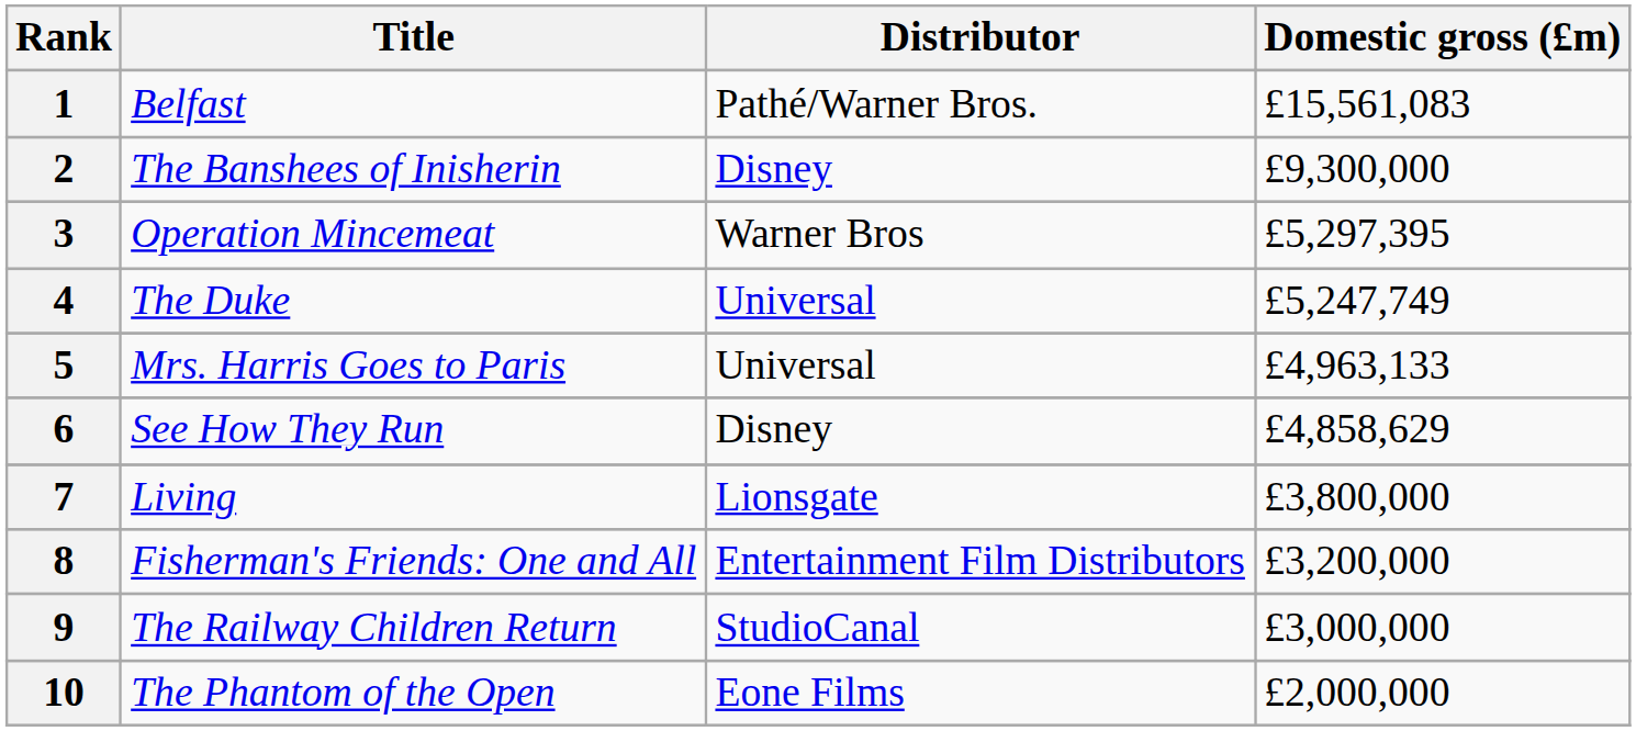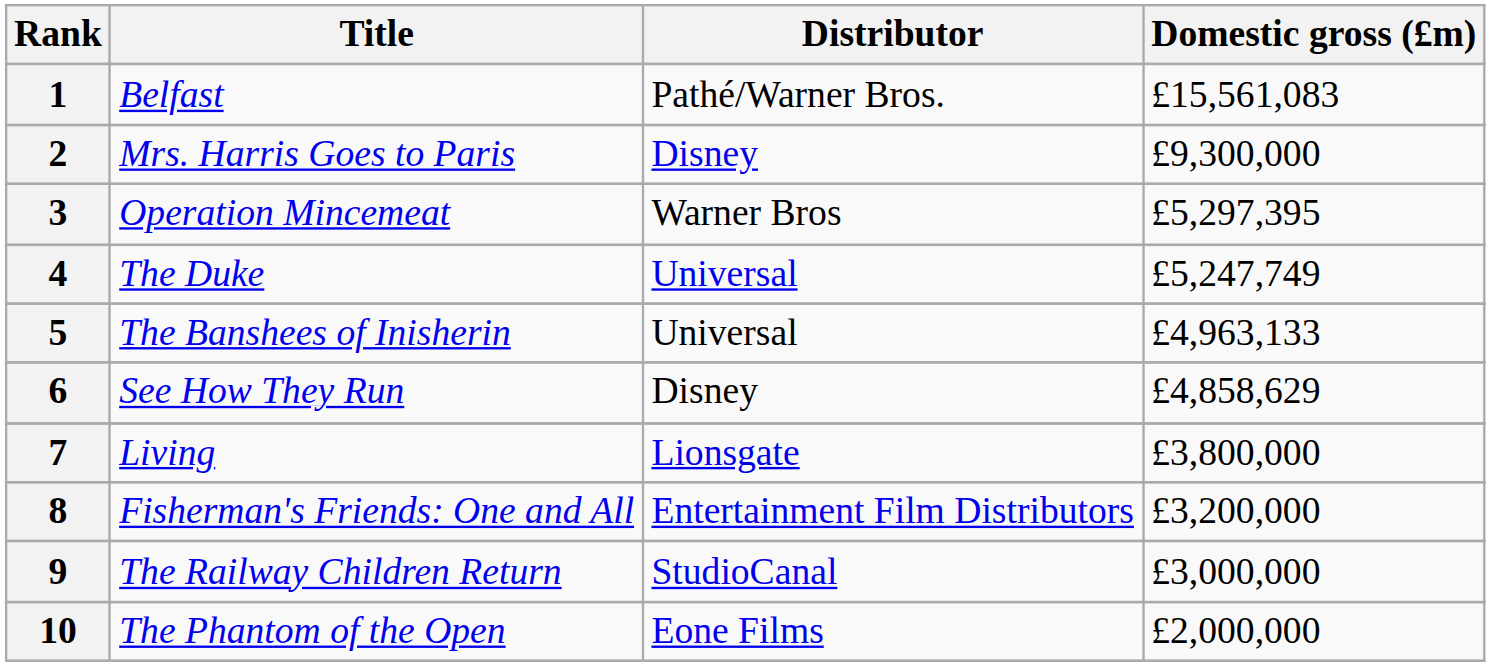 <table class="wikitable" style="margin:auto; margin:auto;">
 <tr>
 <th>Rank</th>
 <th>Title</th>
 <th>Distributor</th>
 <th>Domestic gross (£m)</th>
 </tr>
 <tr>
 </tr>
 <tr style="text-align:left; |">
 <th style="text-align:center;">1</th>
 <td><em><a href='#'>Belfast</a></em></td>
 <td>Pathé/Warner Bros.</td>
 <td>£15,561,083</td>
 </tr>
 <tr>
 </tr>
 <tr style="text-align:left;  |">
 <th style="text-align:center;">2</th>
-<td><em><a href='#'>The Banshees of Inisherin</a></em></td>
+<td><em><a href='#'>Mrs. Harris Goes to Paris</a></em></td>
 <td><a href='#'>Disney</a></td>
 <td>£9,300,000</td>
 </tr>
 <tr>
 </tr>
 <tr style="text-align:left; |">
 <th style="text-align:center;">3</th>
 <td><em><a href='#'>Operation Mincemeat</a></em></td>
 <td>Warner Bros</td>
 <td>£5,297,395</td>
 </tr>
 <tr>
 </tr>
 <tr style="text-align:left" |>
 <th style="text-align:center;">4</th>
 <td><em><a href='#'>The Duke</a></em></td>
 <td rowspan=1><a href='#'>Universal</a></td>
 <td>£5,247,749</td>
 </tr>
 <tr>
 </tr>
 <tr style="text-align:left; |">
 <th style="text-align:center;">5</th>
-<td><em><a href='#'>Mrs. Harris Goes to Paris</a></em></td>
+<td><em><a href='#'>The Banshees of Inisherin</a></em></td>
 <td>Universal</td>
 <td>£4,963,133</td>
 </tr>
 <tr>
 </tr>
 <tr style="text-align:left;" |>
 <th style="text-align:center;">6</th>
 <td><em><a href='#'>See How They Run</a></em></td>
 <td>Disney</td>
 <td>£4,858,629</td>
 </tr>
 <tr>
 </tr>
 <tr style="text-align:left; |">
 <th style="text-align:center;">7</th>
 <td><em><a href='#'>Living</a></em></td>
 <td><a href='#'>Lionsgate</a></td>
 <td>£3,800,000</td>
 </tr>
 <tr>
 </tr>
 <tr style="text-align:left;  |">
 <th style="text-align:center;">8</th>
 <td><em><a href='#'>Fisherman's Friends: One and All</a></em></td>
 <td><a href='#'>Entertainment Film Distributors</a></td>
 <td>£3,200,000</td>
 </tr>
 <tr>
 </tr>
 <tr style="text-align:left;|">
 <th style="text-align:center;">9</th>
 <td><em><a href='#'>The Railway Children Return</a></em></td>
 <td><a href='#'>StudioCanal</a></td>
 <td>£3,000,000</td>
 </tr>
 <tr>
 </tr>
 <tr style="text-align:left;  |">
 <th style="text-align:center;">10</th>
 <td><em><a href='#'>The Phantom of the Open</a></em></td>
 <td><a href='#'>Eone Films</a></td>
 <td>£2,000,000</td>
 </tr>
 <tr>
 </tr>
 </table>
